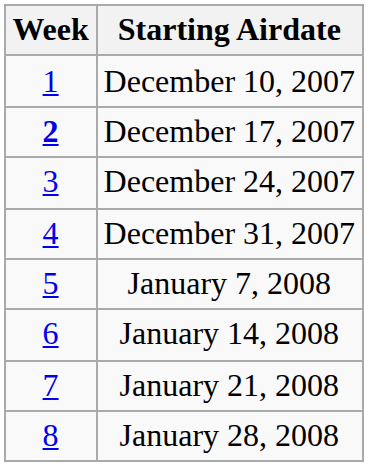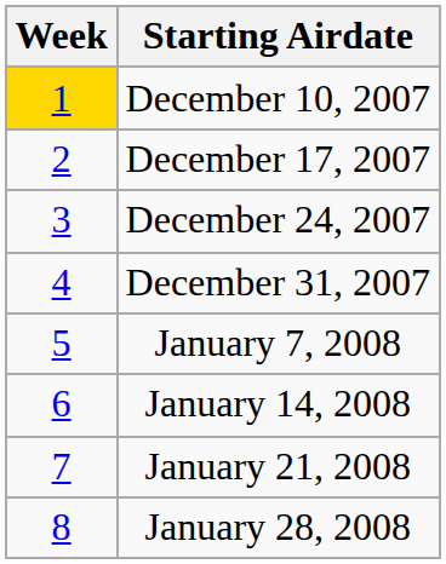 <table class="wikitable" style="text-align: center">
 <tr>
 <th>Week</th>
 <th>Starting Airdate</th>
 </tr>
 <tr>
-<td><a href='#'>1</a></td>
+<td style="background: gold;"><a href='#'>1</a></td>
 <td>December 10, 2007</td>
 </tr>
 <tr>
-<td><strong><a href='#'>2</a></strong></td>
+<td><a href='#'>2</a></td>
 <td>December 17, 2007</td>
 </tr>
 <tr>
 <td><a href='#'>3</a></td>
 <td>December 24, 2007</td>
 </tr>
 <tr>
 <td><a href='#'>4</a></td>
 <td>December 31, 2007</td>
 </tr>
 <tr>
 <td><a href='#'>5</a></td>
 <td>January 7, 2008</td>
 </tr>
 <tr>
 <td><a href='#'>6</a></td>
 <td>January 14, 2008</td>
 </tr>
 <tr>
 <td><a href='#'>7</a></td>
 <td>January 21, 2008</td>
 </tr>
 <tr>
 <td><a href='#'>8</a></td>
 <td>January 28, 2008</td>
 </tr>
 </table>
